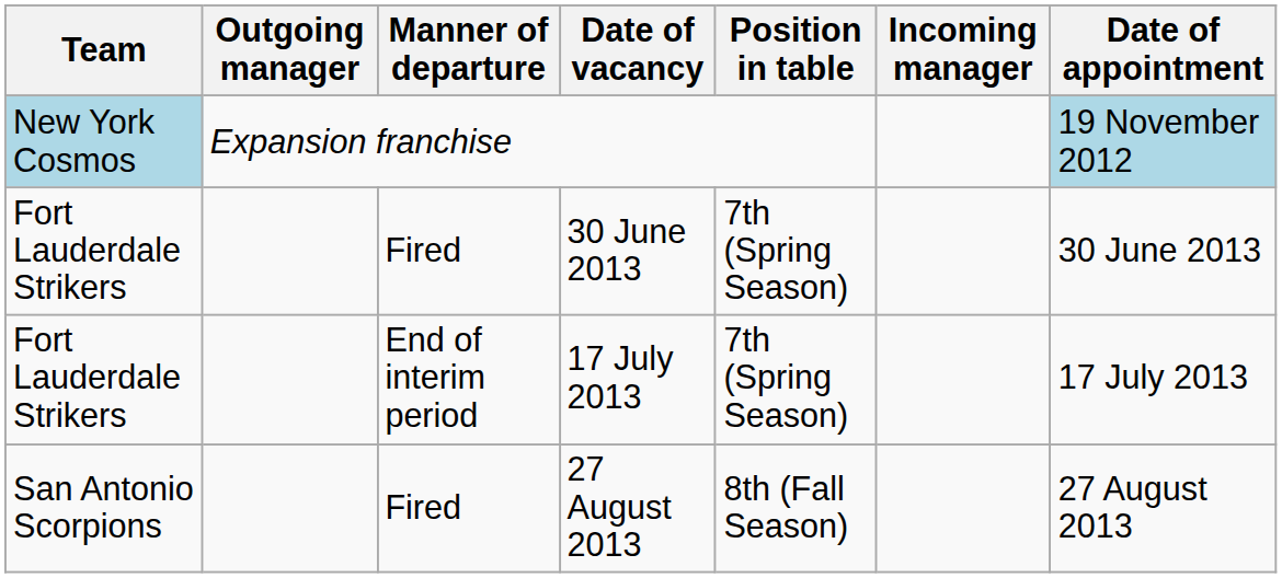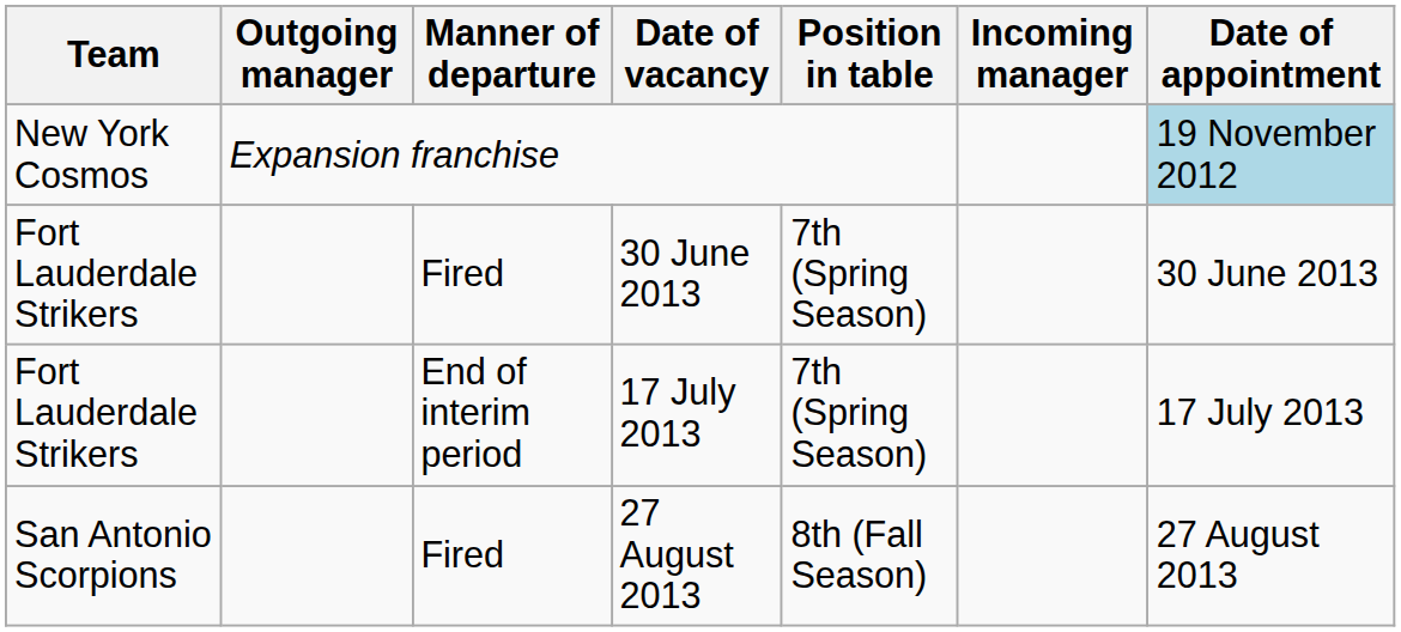 <table class="wikitable sortable">
 <tr>
 <th>Team</th>
 <th>Outgoing manager</th>
 <th>Manner of departure</th>
 <th>Date of vacancy</th>
 <th>Position in table</th>
 <th>Incoming manager</th>
 <th>Date of appointment</th>
 </tr>
 <tr>
-<td style="background: lightblue;">New York Cosmos</td>
+<td>New York Cosmos</td>
 <td colspan="4"><em>Expansion franchise</em></td>
 <td> </td>
 <td style="background: lightblue;">19 November 2012 </td>
 </tr>
 <tr>
 <td>Fort Lauderdale Strikers</td>
 <td> </td>
 <td>Fired</td>
 <td>30 June 2013</td>
 <td>7th (Spring Season)</td>
 <td> </td>
 <td>30 June 2013 </td>
 </tr>
 <tr>
 <td>Fort Lauderdale Strikers</td>
 <td> </td>
 <td>End of interim period</td>
 <td>17 July 2013</td>
 <td>7th (Spring Season)</td>
 <td> </td>
 <td>17 July 2013 </td>
 </tr>
 <tr>
 <td>San Antonio Scorpions</td>
 <td> </td>
 <td>Fired</td>
 <td>27 August 2013</td>
 <td>8th (Fall Season)</td>
 <td> </td>
 <td>27 August 2013 </td>
 </tr>
 </table>
